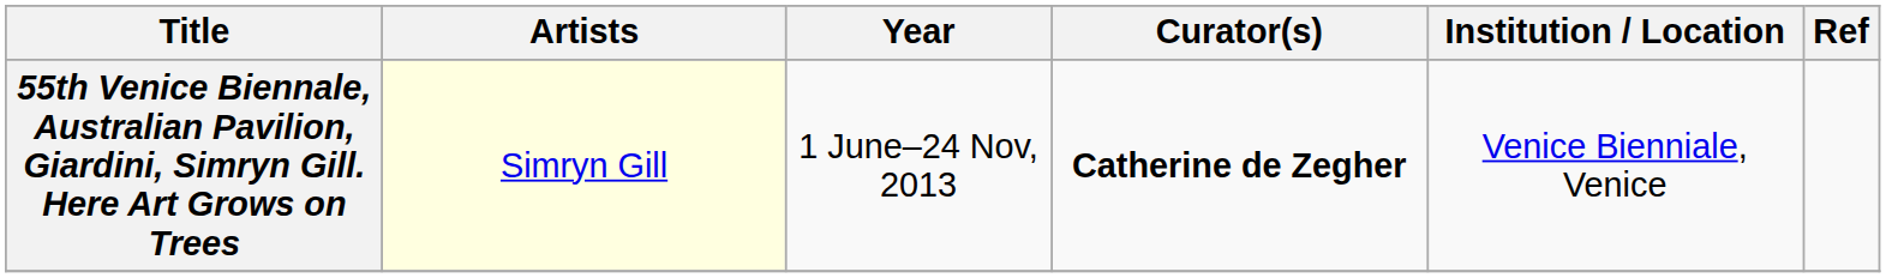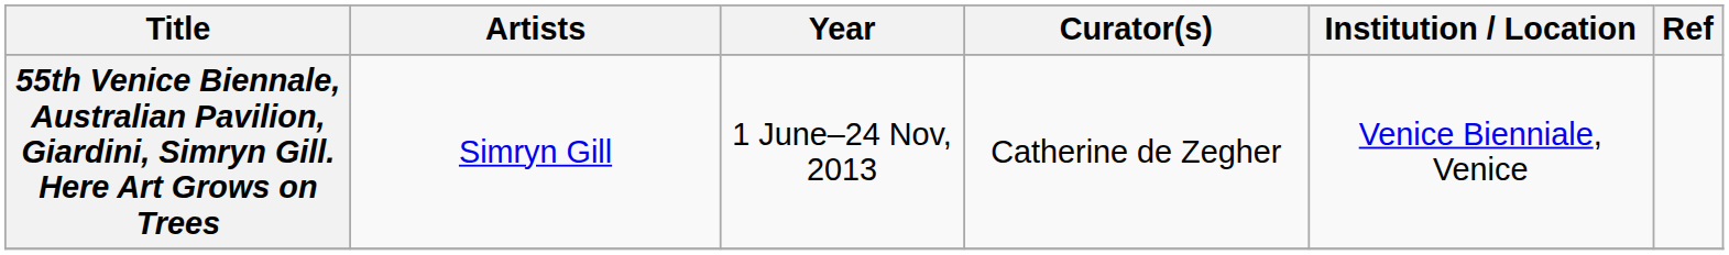 <table class="wikitable plainrowheaders" style="text-align:center;">
 <tr>
 <th scope="col" style="width:20em;">Title</th>
 <th scope="col" style="width:25em;">Artists</th>
 <th scope="col" style="width:15em;">Year</th>
 <th scope="col" style="width:20em;">Curator(s)</th>
 <th scope="col" style="width:20em;">Institution / Location</th>
 <th scope="col" style="width:2em;">Ref</th>
 </tr>
 <tr>
 <th scope="row"><em>55th Venice Biennale, Australian Pavilion, Giardini,</em> <em>Simryn Gill. Here Art Grows on Trees</em></th>
-<td style="background: lightyellow;"><a href='#'>Simryn Gill</a></td>
+<td><a href='#'>Simryn Gill</a></td>
 <td>1 June–24 Nov,  2013</td>
-<td><strong>Catherine de Zegher</strong></td>
+<td>Catherine de Zegher</td>
 <td><a href='#'>Venice Bienniale</a>, Venice</td>
 <td></td>
 </tr>
 <tr>
 </tr>
 </table>
